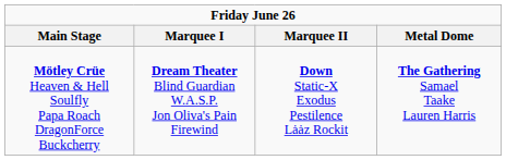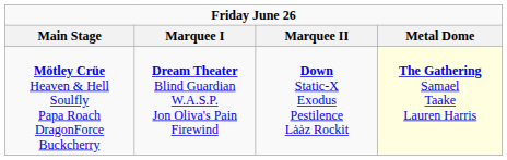 <table class="wikitable">
 <tr>
 <td colspan="4" style="text-align:center;"><strong>Friday June 26</strong></td>
 </tr>
 <tr>
 <th>Main Stage</th>
 <th>Marquee I</th>
 <th>Marquee II</th>
 <th>Metal Dome</th>
 </tr>
 <tr>
 <td style="text-align:center; vertical-align:top; width:200px;"><br><strong><a href='#'>Mötley Crüe</a></strong> <br><a href='#'>Heaven & Hell</a> <br><a href='#'>Soulfly</a> <br><a href='#'>Papa Roach</a> <br><a href='#'>DragonForce</a> <br><a href='#'>Buckcherry</a></td>
 <td style="text-align:center; vertical-align:top; width:200px;"><br><strong><a href='#'>Dream Theater</a></strong> <br><a href='#'>Blind Guardian</a> <br><a href='#'>W.A.S.P.</a> <br><a href='#'>Jon Oliva's Pain</a> <br><a href='#'>Firewind</a></td>
 <td style="text-align:center; vertical-align:top; width:200px;"><br><strong><a href='#'>Down</a></strong> <br><a href='#'>Static-X</a>  <br><a href='#'>Exodus</a> <br><a href='#'>Pestilence</a> <br><a href='#'>Lȧȧz Rockit</a></td>
-<td style="text-align:center; vertical-align:top; width:200px;"><br><strong><a href='#'>The Gathering</a></strong> <br><a href='#'>Samael</a>  <br><a href='#'>Taake</a>  <br><a href='#'>Lauren Harris</a></td>
+<td style="background: lightyellow; text-align:center; vertical-align:top; width:200px;"><br><strong><a href='#'>The Gathering</a></strong> <br><a href='#'>Samael</a>  <br><a href='#'>Taake</a>  <br><a href='#'>Lauren Harris</a></td>
 </tr>
 </table>
